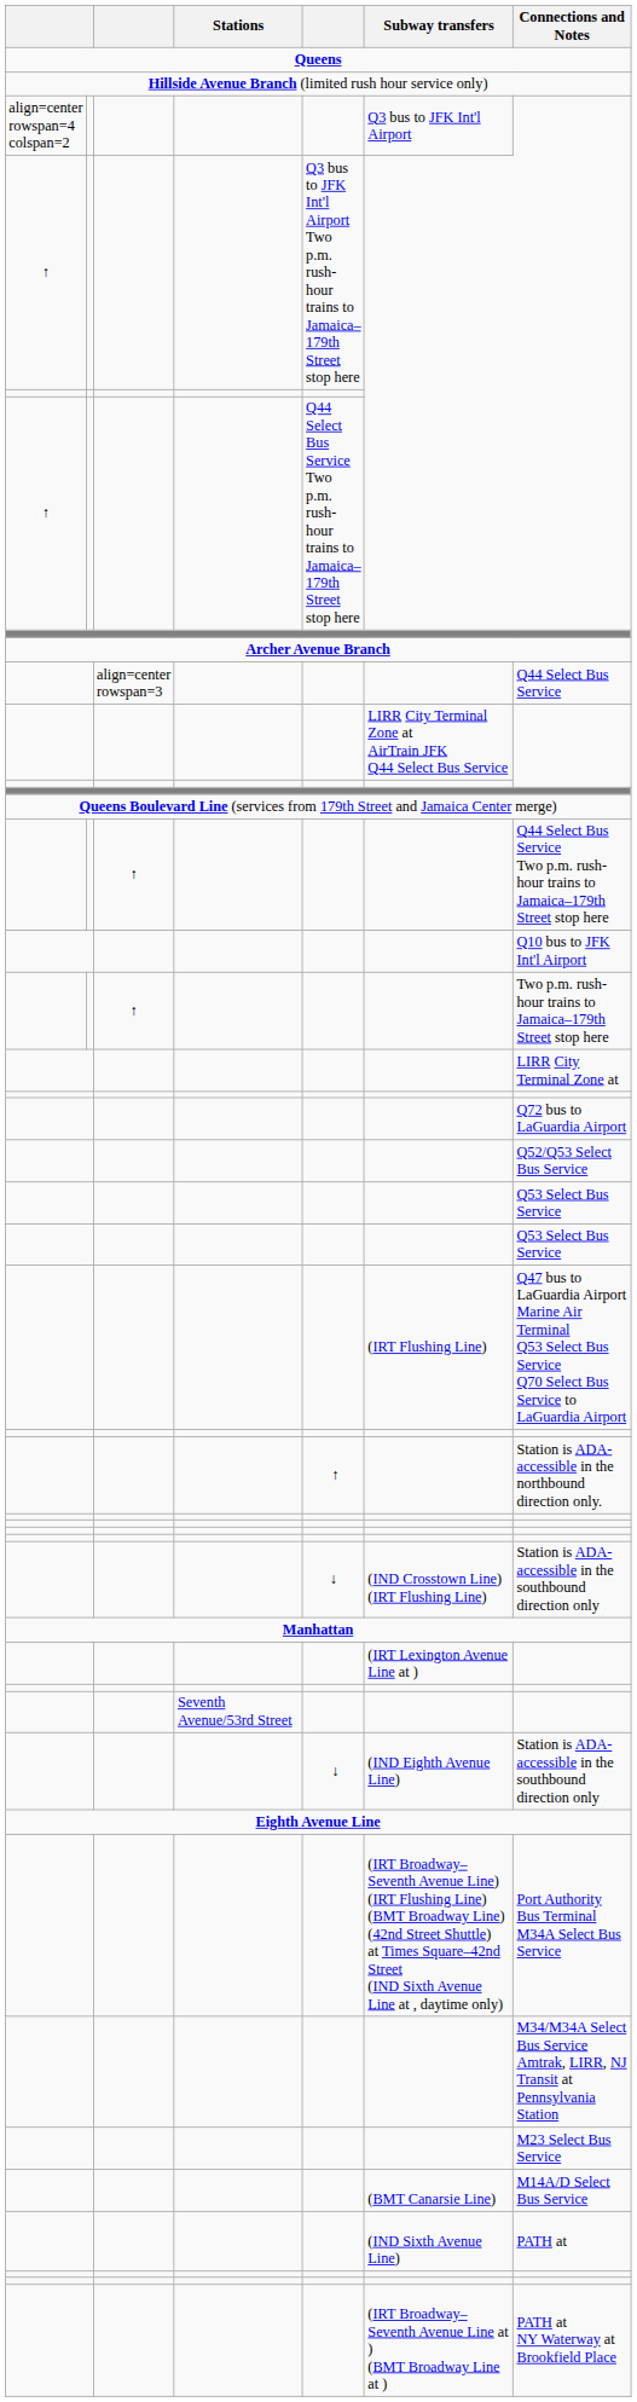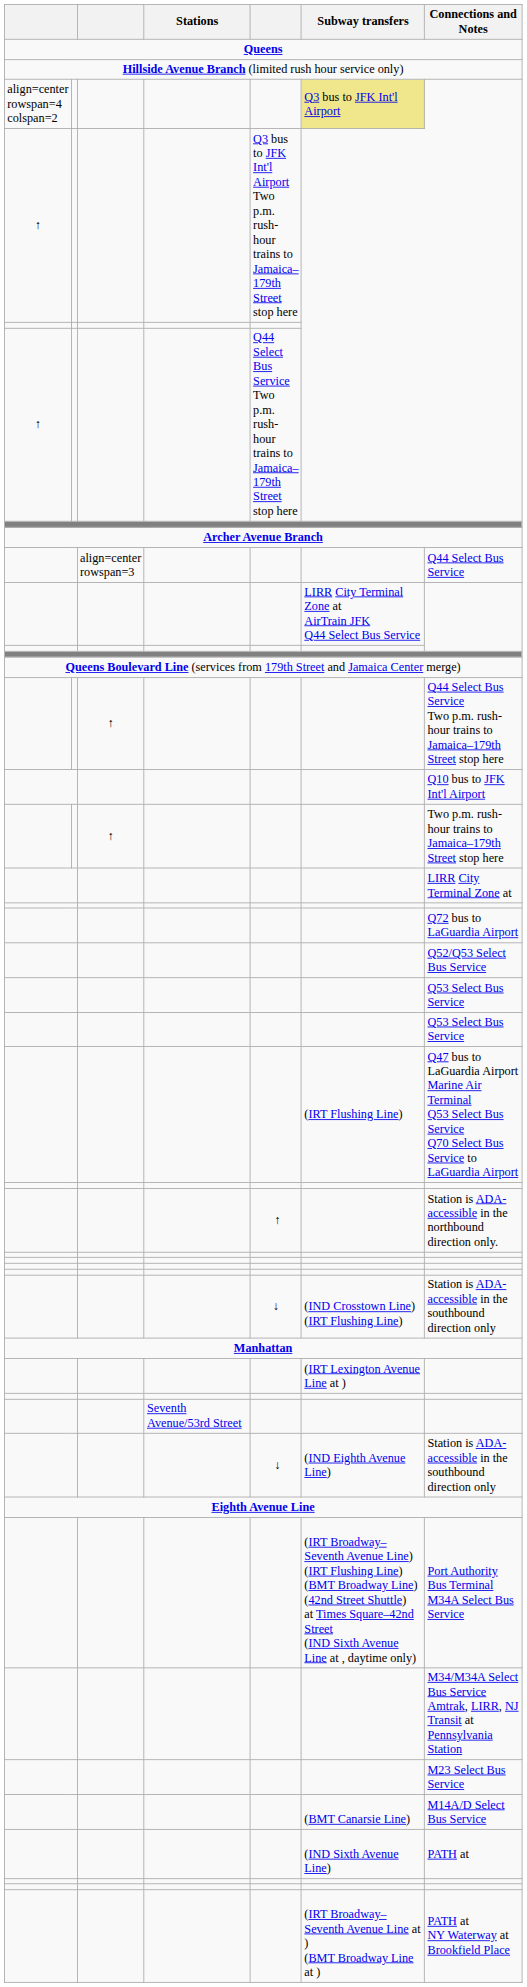 <table class="wikitable collapsible" style="font-size:90%" summary="Service information for the E train and its stations, including service times, ADA-accessibility, subway transfers, and non-subway connections.">
 <tr>
 <th width=6% colspan=2><br></th>
 <th width=3%><br></th>
 <th width=28%>Stations</th>
 <th width=3%></th>
 <th width=36%>Subway transfers</th>
 <th width=30%>Connections and Notes</th>
 </tr>
 <tr>
 <td style="font-weight:bold; text-align:center" colspan=7><a href='#'>Queens</a></td>
 </tr>
 <tr>
 <td align=center colspan=7><strong><a href='#'>Hillside Avenue Branch</a></strong> (limited rush hour service only)</td>
 </tr>
 <tr>
 <td>align=center rowspan=4 colspan=2 </td>
 <td align=center></td>
 <td></td>
 <td align=center></td>
 <td></td>
-<td><a href='#'>Q3</a> bus to <a href='#'>JFK Int'l Airport</a></td>
+<td style="background: khaki;"><a href='#'>Q3</a> bus to <a href='#'>JFK Int'l Airport</a></td>
 </tr>
 <tr>
 <td align=center> ↑</td>
 <td></td>
 <td></td>
 <td></td>
 <td><a href='#'>Q3</a> bus to <a href='#'>JFK Int'l Airport</a><br>Two p.m. rush-hour trains to <a href='#'>Jamaica–179th Street</a> stop here</td>
 </tr>
 <tr>
 <td align=center></td>
 <td></td>
 <td></td>
 <td></td>
 <td></td>
 </tr>
 <tr>
 <td align=center> ↑</td>
 <td></td>
 <td></td>
 <td></td>
 <td><a href='#'>Q44 Select Bus Service</a><br>Two p.m. rush-hour trains to <a href='#'>Jamaica–179th Street</a> stop here</td>
 </tr>
 <tr>
 <td bgcolor=#808080 colspan=7></td>
 </tr>
 <tr>
 <td style="font-weight:bold; text-align:center" colspan=7><a href='#'>Archer Avenue Branch</a></td>
 </tr>
 <tr>
 <td align=center colspan=2></td>
 <td>align=center rowspan=3 </td>
 <td></td>
 <td align=center></td>
 <td></td>
 <td><a href='#'>Q44 Select Bus Service</a></td>
 </tr>
 <tr>
 <td align=center colspan=2></td>
 <td> </td>
 <td align=center></td>
 <td></td>
 <td><a href='#'>LIRR</a> <a href='#'>City Terminal Zone</a> at <br><a href='#'>AirTrain JFK</a><br><a href='#'>Q44 Select Bus Service</a></td>
 </tr>
 <tr>
 <td align=center colspan=2></td>
 <td></td>
 <td align=center></td>
 <td></td>
 <td></td>
 </tr>
 <tr>
 <td bgcolor=#808080 colspan=8></td>
 </tr>
 <tr>
 <td align=center colspan=8><strong><a href='#'>Queens Boulevard Line</a></strong> (services from <a href='#'>179th Street</a> and <a href='#'>Jamaica Center</a> merge)</td>
 </tr>
 <tr>
 <td align=center></td>
 <td align=center></td>
 <td align=center> ↑</td>
 <td></td>
 <td align=center></td>
 <td></td>
 <td><a href='#'>Q44 Select Bus Service</a><br>Two p.m. rush-hour trains to <a href='#'>Jamaica–179th Street</a> stop here</td>
 </tr>
 <tr>
 <td align=center colspan=2></td>
 <td align=center></td>
 <td></td>
 <td align=center></td>
 <td></td>
 <td><a href='#'>Q10</a> bus to <a href='#'>JFK Int'l Airport</a></td>
 </tr>
 <tr>
 <td align=center></td>
 <td align=center></td>
 <td align=center> ↑</td>
 <td></td>
 <td></td>
 <td></td>
 <td>Two p.m. rush-hour trains to <a href='#'>Jamaica–179th Street</a> stop here</td>
 </tr>
 <tr>
 <td align=center colspan=2></td>
 <td align=center></td>
 <td></td>
 <td align=center></td>
 <td></td>
 <td><a href='#'>LIRR</a> <a href='#'>City Terminal Zone</a> at </td>
 </tr>
 <tr>
 <td align=center colspan=2></td>
 <td align=center></td>
 <td></td>
 <td></td>
 <td></td>
 <td></td>
 </tr>
 <tr>
 <td align=center colspan=2></td>
 <td align=center></td>
 <td></td>
 <td></td>
 <td></td>
 <td><a href='#'>Q72</a> bus to <a href='#'>LaGuardia Airport</a></td>
 </tr>
 <tr>
 <td align=center colspan=2></td>
 <td align=center></td>
 <td></td>
 <td></td>
 <td></td>
 <td><a href='#'>Q52/Q53 Select Bus Service</a></td>
 </tr>
 <tr>
 <td align=center colspan=2></td>
 <td align=center></td>
 <td></td>
 <td></td>
 <td></td>
 <td><a href='#'>Q53 Select Bus Service</a></td>
 </tr>
 <tr>
 <td align=center colspan=2></td>
 <td align=center></td>
 <td></td>
 <td></td>
 <td></td>
 <td><a href='#'>Q53 Select Bus Service</a></td>
 </tr>
 <tr>
 <td align=center colspan=2></td>
 <td align=center></td>
 <td></td>
 <td align=center></td>
 <td> (<a href='#'>IRT Flushing Line</a>)<br></td>
 <td><a href='#'>Q47</a> bus to LaGuardia Airport <a href='#'>Marine Air Terminal</a><br><a href='#'>Q53 Select Bus Service</a><br><a href='#'>Q70 Select Bus Service</a> to <a href='#'>LaGuardia Airport</a></td>
 </tr>
 <tr>
 <td align=center colspan=2></td>
 <td align=center></td>
 <td></td>
 <td></td>
 <td></td>
 <td></td>
 </tr>
 <tr>
 <td align=center colspan=2></td>
 <td align=center></td>
 <td></td>
 <td align=center> ↑</td>
 <td></td>
 <td>Station is <a href='#'>ADA-accessible</a> in the northbound direction only.</td>
 </tr>
 <tr>
 <td align=center colspan=2></td>
 <td align=center></td>
 <td></td>
 <td></td>
 <td></td>
 <td></td>
 </tr>
 <tr>
 <td align=center colspan=2></td>
 <td align=center></td>
 <td></td>
 <td></td>
 <td></td>
 <td></td>
 </tr>
 <tr>
 <td align=center colspan=2></td>
 <td align=center></td>
 <td></td>
 <td></td>
 <td></td>
 <td></td>
 </tr>
 <tr>
 <td align=center colspan=2></td>
 <td align=center></td>
 <td></td>
 <td align=center></td>
 <td></td>
 <td></td>
 </tr>
 <tr>
 <td align=center colspan=2></td>
 <td align=center></td>
 <td></td>
 <td align=center> ↓</td>
 <td><br> (<a href='#'>IND Crosstown Line</a>)<br> (<a href='#'>IRT Flushing Line</a>)</td>
 <td>Station is <a href='#'>ADA-accessible</a> in the southbound direction only</td>
 </tr>
 <tr>
 <td style="font-weight:bold; text-align:center" colspan=7><a href='#'>Manhattan</a></td>
 </tr>
 <tr>
 <td align=center colspan=2></td>
 <td align=center></td>
 <td></td>
 <td align=center></td>
 <td> (<a href='#'>IRT Lexington Avenue Line</a> at )<br></td>
 <td></td>
 </tr>
 <tr>
 <td align=center colspan=2></td>
 <td align=center></td>
 <td></td>
 <td></td>
 <td></td>
 <td></td>
 </tr>
 <tr>
 <td align=center colspan=2></td>
 <td align=center></td>
 <td><a href='#'>Seventh Avenue/53rd Street</a></td>
 <td></td>
 <td></td>
 <td></td>
 </tr>
 <tr>
 <td align=center colspan=2></td>
 <td align=center></td>
 <td></td>
 <td align=center> ↓</td>
 <td> (<a href='#'>IND Eighth Avenue Line</a>)</td>
 <td>Station is <a href='#'>ADA-accessible</a> in the southbound direction only</td>
 </tr>
 <tr>
 <td style="font-weight:bold; text-align:center" colspan=7><a href='#'>Eighth Avenue Line</a></td>
 </tr>
 <tr>
 <td align=center colspan=2></td>
 <td align=center></td>
 <td></td>
 <td align=center></td>
 <td><br> (<a href='#'>IRT Broadway–Seventh Avenue Line</a>)<br> (<a href='#'>IRT Flushing Line</a>)<br> (<a href='#'>BMT Broadway Line</a>)<br> (<a href='#'>42nd Street Shuttle</a>)<br>at <a href='#'>Times Square–42nd Street</a><br> (<a href='#'>IND Sixth Avenue Line</a> at , daytime only)</td>
 <td><a href='#'>Port Authority Bus Terminal</a><br><a href='#'>M34A Select Bus Service</a></td>
 </tr>
 <tr>
 <td align=center colspan=2></td>
 <td align=center></td>
 <td></td>
 <td align=center></td>
 <td></td>
 <td><a href='#'>M34/M34A Select Bus Service</a><br><a href='#'>Amtrak</a>, <a href='#'>LIRR</a>, <a href='#'>NJ Transit</a> at <a href='#'>Pennsylvania Station</a></td>
 </tr>
 <tr>
 <td align=center colspan=2></td>
 <td align=center></td>
 <td></td>
 <td></td>
 <td></td>
 <td><a href='#'>M23 Select Bus Service</a></td>
 </tr>
 <tr>
 <td align=center colspan=2></td>
 <td align=center></td>
 <td></td>
 <td align=center></td>
 <td><br> (<a href='#'>BMT Canarsie Line</a>)</td>
 <td><a href='#'>M14A/D Select Bus Service</a></td>
 </tr>
 <tr>
 <td align=center colspan=2></td>
 <td align=center></td>
 <td></td>
 <td align=center></td>
 <td><br> (<a href='#'>IND Sixth Avenue Line</a>)</td>
 <td><a href='#'>PATH</a> at </td>
 </tr>
 <tr>
 <td align=center colspan=2></td>
 <td align=center></td>
 <td></td>
 <td></td>
 <td></td>
 <td></td>
 </tr>
 <tr>
 <td align=center colspan=2></td>
 <td align=center></td>
 <td></td>
 <td></td>
 <td></td>
 <td></td>
 </tr>
 <tr>
 <td align=center colspan=2></td>
 <td align=center></td>
 <td></td>
 <td align=center></td>
 <td><br> (<a href='#'>IRT Broadway–Seventh Avenue Line</a> at )<br> (<a href='#'>BMT Broadway Line</a> at )</td>
 <td><a href='#'>PATH</a> at <br><a href='#'>NY Waterway</a> at <a href='#'>Brookfield Place</a></td>
 </tr>
 </table>
